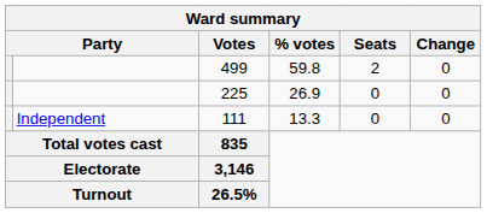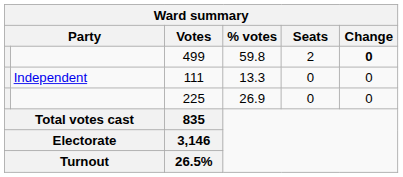 <table class="wikitable" style="font-size: 95%;">
 <tr style="background-color:#E9E9E9">
 <th colspan="6">Ward summary</th>
 </tr>
 <tr style="background-color:#E9E9E9">
 <th colspan="2">Party</th>
 <th style="width: 60px">Votes</th>
 <th style="width: 60px">% votes</th>
 <th style="width: 60px">Seats</th>
 <th style="width: 60px">Change</th>
 </tr>
 <tr>
 <th style="background-color: "></th>
 <td style="width: 170px"><a href='#'></a></td>
 <td align="center">499</td>
 <td align="center">59.8</td>
 <td align="center">2</td>
+<td align="center"><strong>0</strong></td>
+</tr>
+<tr>
+<th style="background-color: "></th>
+<td style="width: 170px"><a href='#'>Independent</a></td>
+<td align="center">111</td>
+<td align="center">13.3</td>
+<td align="center">0</td>
 <td align="center">0</td>
 </tr>
 <tr>
 <th style="background-color: "></th>
 <td style="width: 170px"><a href='#'></a></td>
 <td align="center">225</td>
 <td align="center">26.9</td>
-<td align="center">0</td>
-<td align="center">0</td>
-</tr>
-<tr>
-<th style="background-color: "></th>
-<td style="width: 170px"><a href='#'>Independent</a></td>
-<td align="center">111</td>
-<td align="center">13.3</td>
 <td align="center">0</td>
 <td align="center">0</td>
 </tr>
 <tr style="background-color:#E9E9E9">
 <th colspan="2">Total votes cast</th>
 <th style="width: 60px">835</th>
 </tr>
 <tr style="background-color:#E9E9E9">
 <th colspan="2">Electorate</th>
 <th style="width: 60px">3,146</th>
 </tr>
 <tr style="background-color:#E9E9E9">
 <th colspan="2">Turnout</th>
 <th style="width: 60px">26.5%</th>
 </tr>
 </table>
